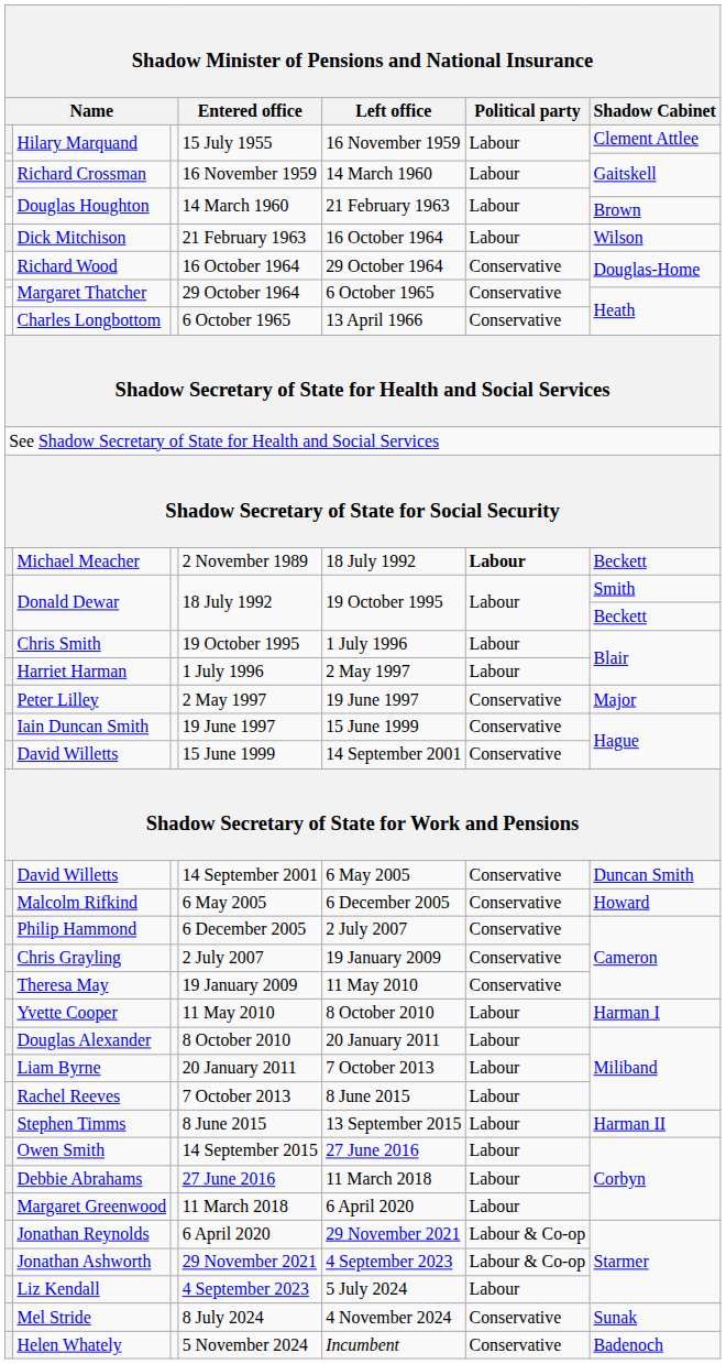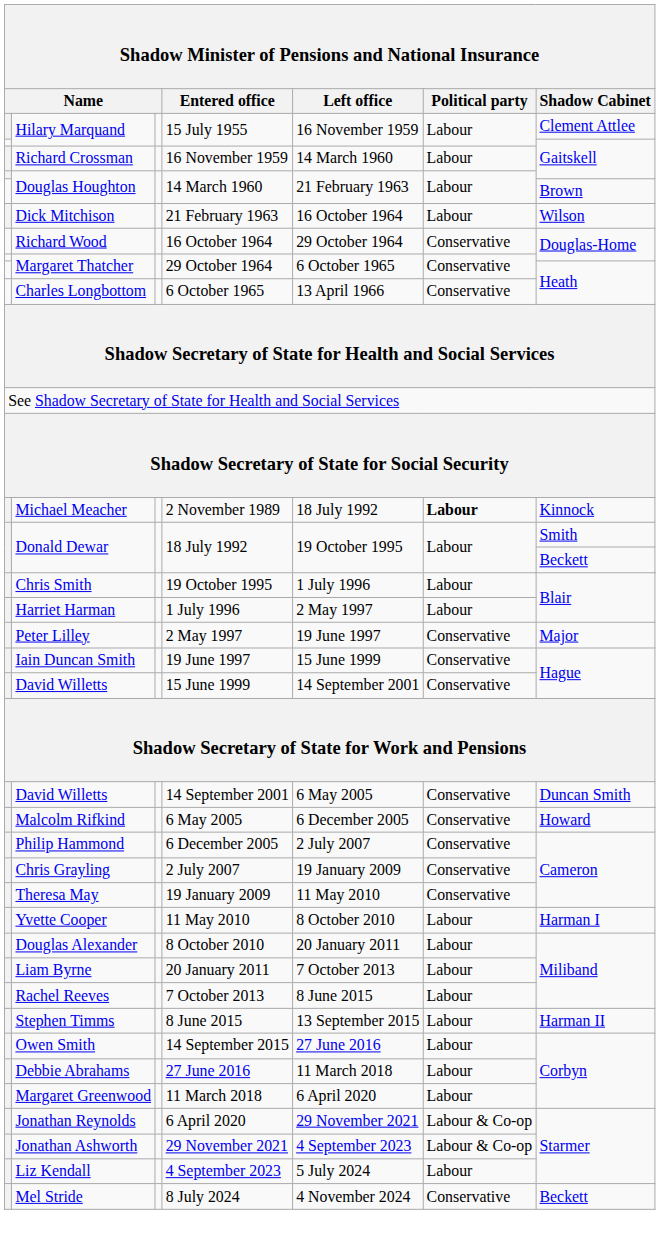 <table class="wikitable">
 <tr>
 <th colspan=7><br><h3>Shadow Minister of Pensions and National Insurance</h3></th>
 </tr>
 <tr>
 <th colspan=3>Name</th>
 <th>Entered office</th>
 <th>Left office</th>
 <th>Political party</th>
 <th>Shadow Cabinet</th>
 </tr>
 <tr>
 <th style="background-color: "></th>
 <td rowspan="2"><a href='#'>Hilary Marquand</a></td>
 <td rowspan="2"></td>
 <td rowspan="2">15 July 1955</td>
 <td rowspan="2">16 November 1959</td>
 <td rowspan="2">Labour</td>
 <td><a href='#'>Clement Attlee</a></td>
 </tr>
 <tr>
 <td style="background-color: "></td>
 <td rowspan=3 ><a href='#'>Gaitskell</a></td>
 </tr>
 <tr>
 <th style="background-color: "></th>
 <td><a href='#'>Richard Crossman</a></td>
 <td></td>
 <td>16 November 1959</td>
 <td>14 March 1960</td>
 <td>Labour</td>
 </tr>
 <tr>
 <th style="background-color: "></th>
 <td rowspan=2><a href='#'>Douglas Houghton</a></td>
 <td rowspan=2></td>
 <td rowspan=2>14 March 1960</td>
 <td rowspan=2>21 February 1963</td>
 <td rowspan=2>Labour</td>
 </tr>
 <tr>
 <td style="background-color: "></td>
 <td><a href='#'>Brown</a></td>
 </tr>
 <tr>
 <th style="background-color: "></th>
 <td><a href='#'>Dick Mitchison</a></td>
 <td></td>
 <td>21 February 1963</td>
 <td>16 October 1964</td>
 <td>Labour</td>
 <td><a href='#'>Wilson</a></td>
 </tr>
 <tr>
 <td style="background-color: "></td>
 <td><a href='#'>Richard Wood</a></td>
 <td></td>
 <td>16 October 1964</td>
 <td>29 October 1964</td>
 <td>Conservative</td>
 <td rowspan=2 ><a href='#'>Douglas-Home</a></td>
 </tr>
 <tr>
 <td style="background-color: "></td>
 <td rowspan=2><a href='#'>Margaret Thatcher</a></td>
 <td rowspan=2></td>
 <td rowspan=2>29 October 1964</td>
 <td rowspan=2>6 October 1965</td>
 <td rowspan=2>Conservative</td>
 </tr>
 <tr>
 <td style="background-color: "></td>
 <td rowspan=2 ><a href='#'>Heath</a></td>
 </tr>
 <tr>
 <td style="background-color: "></td>
 <td><a href='#'>Charles Longbottom</a></td>
 <td></td>
 <td>6 October 1965</td>
 <td>13 April 1966</td>
 <td>Conservative</td>
 </tr>
 <tr>
 <th colspan=7><br><h3>Shadow Secretary of State for Health and Social Services</h3></th>
 </tr>
 <tr>
 <td colspan=7>See <a href='#'>Shadow Secretary of State for Health and Social Services</a></td>
 </tr>
 <tr>
 <th colspan=7><br><h3>Shadow Secretary of State for Social Security</h3></th>
 </tr>
 <tr>
 <th style="background-color: "></th>
 <td><a href='#'>Michael Meacher</a></td>
 <td></td>
 <td>2 November 1989</td>
 <td>18 July 1992</td>
 <td><strong>Labour</strong></td>
-<td><a href='#'>Beckett</a></td>
+<td><a href='#'>Kinnock</a></td>
 </tr>
 <tr>
 <th rowspan=3 style="background-color: "></th>
 <td rowspan=3><a href='#'>Donald Dewar</a></td>
 <td rowspan=3></td>
 <td rowspan=3>18 July 1992</td>
 <td rowspan=3>19 October 1995</td>
 <td rowspan=3>Labour</td>
 <td><a href='#'>Smith</a></td>
 </tr>
 <tr>
 <td><a href='#'>Beckett</a></td>
 </tr>
 <tr>
 <td rowspan=3 ><a href='#'>Blair</a></td>
 </tr>
 <tr>
 <th style="background-color: "></th>
 <td><a href='#'>Chris Smith</a></td>
 <td></td>
 <td>19 October 1995</td>
 <td>1 July 1996</td>
 <td>Labour</td>
 </tr>
 <tr>
 <th style="background-color: "></th>
 <td><a href='#'>Harriet Harman</a></td>
 <td></td>
 <td>1 July 1996</td>
 <td>2 May 1997</td>
 <td>Labour</td>
 </tr>
 <tr>
 <th style="background-color: "></th>
 <td><a href='#'>Peter Lilley</a></td>
 <td></td>
 <td>2 May 1997</td>
 <td>19 June 1997</td>
 <td>Conservative</td>
 <td><a href='#'>Major</a></td>
 </tr>
 <tr>
 <th style="background-color: "></th>
 <td><a href='#'>Iain Duncan Smith</a></td>
 <td></td>
 <td>19 June 1997</td>
 <td>15 June 1999</td>
 <td>Conservative</td>
 <td rowspan=2 ><a href='#'>Hague</a></td>
 </tr>
 <tr>
 <th style="background-color: "></th>
 <td><a href='#'>David Willetts</a></td>
 <td></td>
 <td>15 June 1999</td>
 <td>14 September 2001</td>
 <td>Conservative</td>
 </tr>
 <tr>
 <th colspan=7><br><h3>Shadow Secretary of State for Work and Pensions</h3></th>
 </tr>
 <tr>
 <th rowspan=2 style="background-color: "></th>
 <td rowspan=2><a href='#'>David Willetts</a></td>
 <td rowspan=2></td>
 <td rowspan=2>14 September 2001</td>
 <td rowspan=2>6 May 2005</td>
 <td rowspan=2>Conservative</td>
 <td><a href='#'>Duncan Smith</a></td>
 </tr>
 <tr>
 <td rowspan=2 ><a href='#'>Howard</a></td>
 </tr>
 <tr>
 <th style="background-color: "></th>
 <td><a href='#'>Malcolm Rifkind</a></td>
 <td></td>
 <td>6 May 2005</td>
 <td>6 December 2005</td>
 <td>Conservative</td>
 </tr>
 <tr>
 <th style="background-color: "></th>
 <td><a href='#'>Philip Hammond</a></td>
 <td></td>
 <td>6 December 2005</td>
 <td>2 July 2007</td>
 <td>Conservative</td>
 <td rowspan=3 ><a href='#'>Cameron</a></td>
 </tr>
 <tr>
 <th style="background-color: "></th>
 <td><a href='#'>Chris Grayling</a></td>
 <td></td>
 <td>2 July 2007</td>
 <td>19 January 2009</td>
 <td>Conservative</td>
 </tr>
 <tr>
 <th style="background-color: "></th>
 <td><a href='#'>Theresa May</a></td>
 <td></td>
 <td>19 January 2009</td>
 <td>11 May 2010</td>
 <td>Conservative</td>
 </tr>
 <tr>
 <th style="background-color: "></th>
 <td><a href='#'>Yvette Cooper</a></td>
 <td></td>
 <td>11 May 2010</td>
 <td>8 October 2010</td>
 <td>Labour</td>
 <td><a href='#'>Harman I</a></td>
 </tr>
 <tr>
 <th style="background-color: "></th>
 <td><a href='#'>Douglas Alexander</a></td>
 <td></td>
 <td>8 October 2010</td>
 <td>20 January 2011</td>
 <td>Labour</td>
 <td rowspan=3 ><a href='#'>Miliband</a></td>
 </tr>
 <tr>
 <th style="background-color: "></th>
 <td><a href='#'>Liam Byrne</a></td>
 <td></td>
 <td>20 January 2011</td>
 <td>7 October 2013</td>
 <td>Labour</td>
 </tr>
 <tr>
 <th style="background-color: "></th>
 <td><a href='#'>Rachel Reeves</a></td>
 <td></td>
 <td>7 October 2013</td>
 <td>8 June 2015</td>
 <td>Labour</td>
 </tr>
 <tr>
 <th style="background-color: "></th>
 <td><a href='#'>Stephen Timms</a><br></td>
 <td></td>
 <td>8 June 2015</td>
 <td>13 September 2015</td>
 <td>Labour</td>
 <td><a href='#'>Harman II</a></td>
 </tr>
 <tr>
 <th style="background-color: "></th>
 <td><a href='#'>Owen Smith</a></td>
 <td></td>
 <td>14 September 2015</td>
 <td><a href='#'>27 June 2016</a></td>
 <td>Labour</td>
 <td rowspan=3 ><a href='#'>Corbyn</a></td>
 </tr>
 <tr>
 <th style="background-color: "></th>
 <td><a href='#'>Debbie Abrahams</a></td>
 <td></td>
 <td><a href='#'>27 June 2016</a></td>
 <td>11 March 2018</td>
 <td>Labour</td>
 </tr>
 <tr>
 <th style="background-color: "></th>
 <td><a href='#'>Margaret Greenwood</a></td>
 <td></td>
 <td>11 March 2018</td>
 <td>6 April 2020</td>
 <td>Labour</td>
 </tr>
 <tr>
 <th style="background-color: "></th>
 <td><a href='#'>Jonathan Reynolds</a></td>
 <td></td>
 <td>6 April 2020</td>
 <td><a href='#'>29 November 2021</a></td>
 <td>Labour & Co-op</td>
 <td rowspan="3" ><a href='#'>Starmer</a></td>
 </tr>
 <tr>
 <th style="background-color: "></th>
 <td><a href='#'>Jonathan Ashworth</a></td>
 <td></td>
 <td><a href='#'>29 November 2021</a></td>
 <td><a href='#'>4 September 2023</a></td>
 <td>Labour & Co-op</td>
 </tr>
 <tr>
 <th style="background-color: "></th>
 <td><a href='#'>Liz Kendall</a></td>
 <td></td>
 <td><a href='#'>4 September 2023</a></td>
 <td>5 July 2024</td>
 <td>Labour</td>
 </tr>
 <tr>
 <th style="background-color: "></th>
 <td><a href='#'>Mel Stride</a></td>
 <td></td>
 <td>8 July 2024</td>
 <td>4 November 2024</td>
 <td>Conservative</td>
-<td><a href='#'>Sunak</a></td>
-</tr>
-<tr>
-<th style="background-color: "></th>
-<td><a href='#'>Helen Whately</a></td>
-<td></td>
-<td>5 November 2024</td>
-<td><em>Incumbent</em></td>
-<td>Conservative</td>
-<td><a href='#'>Badenoch</a></td>
+<td><a href='#'>Beckett</a></td>
 </tr>
 </table>
